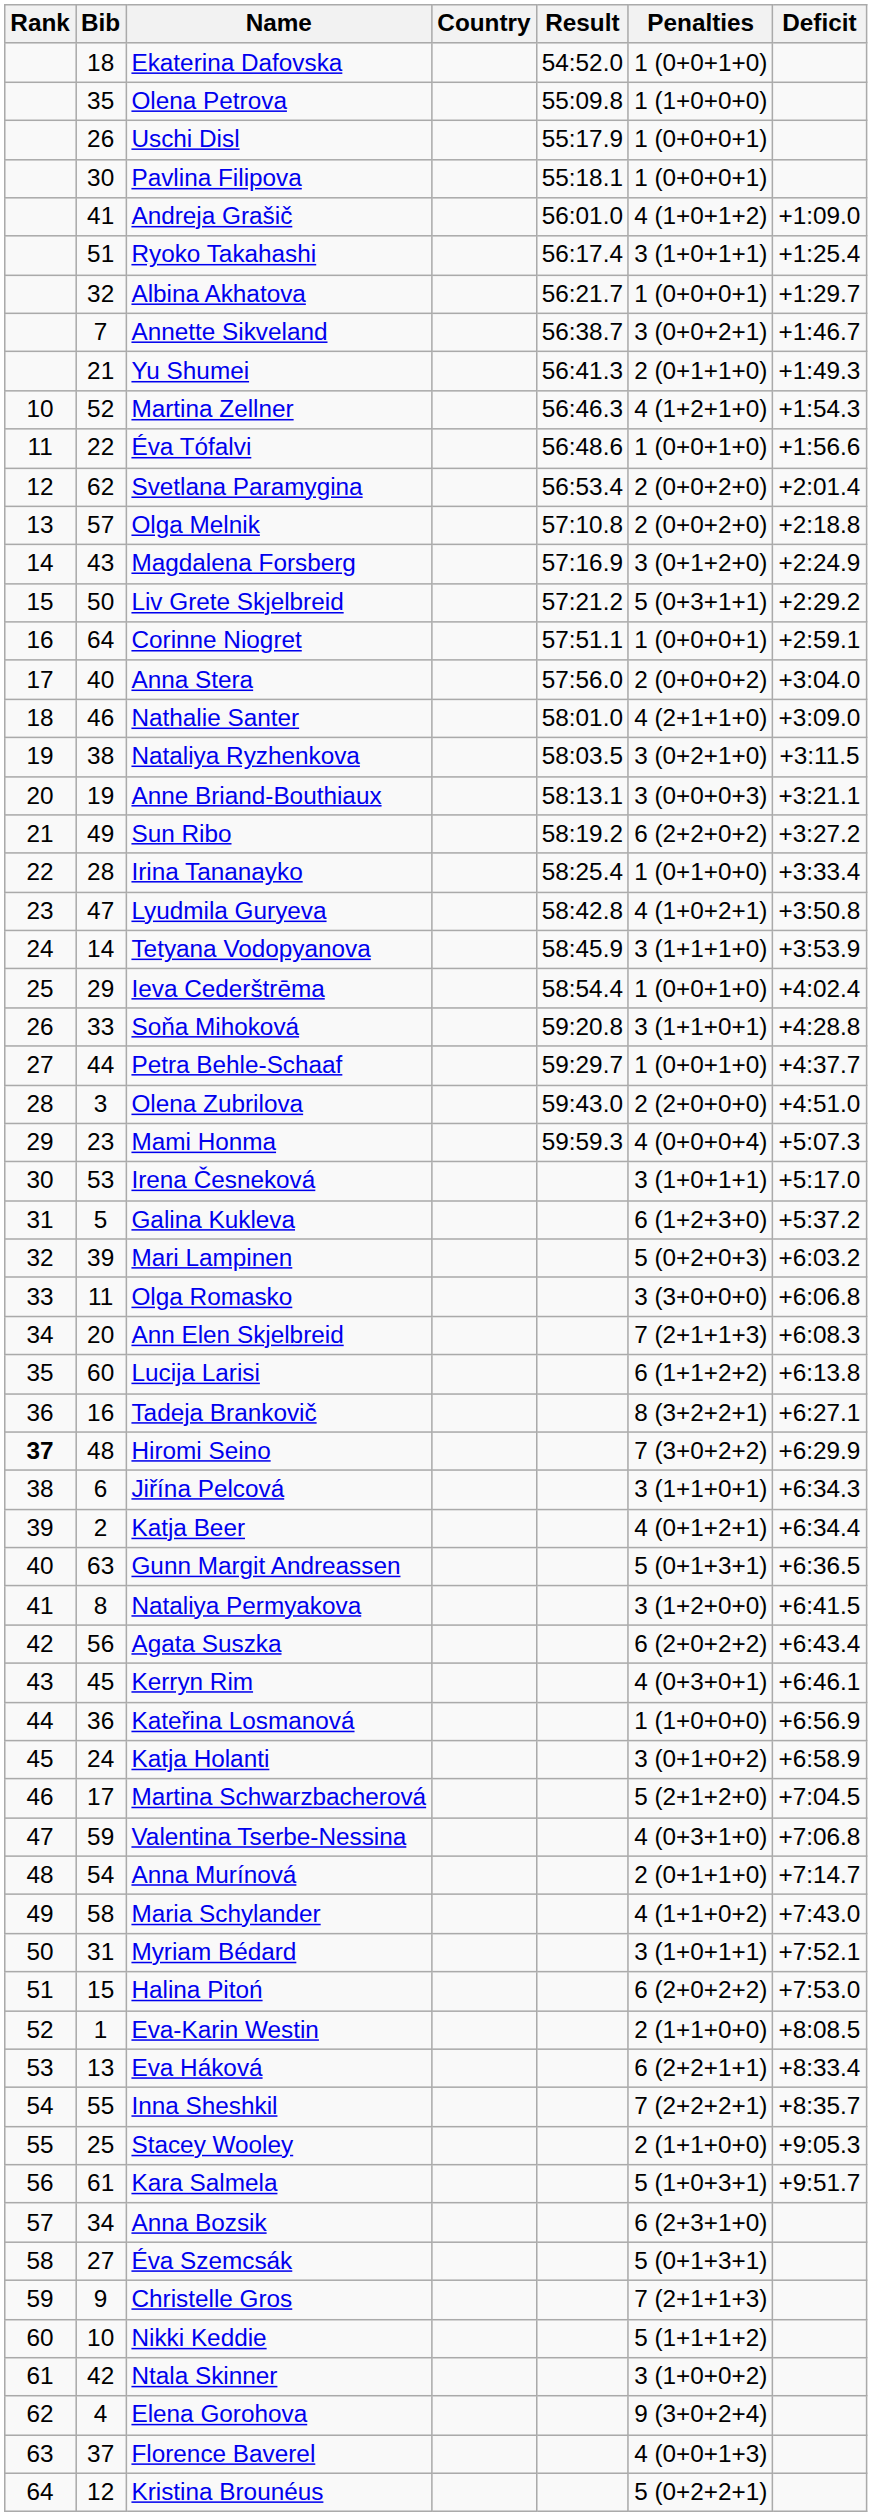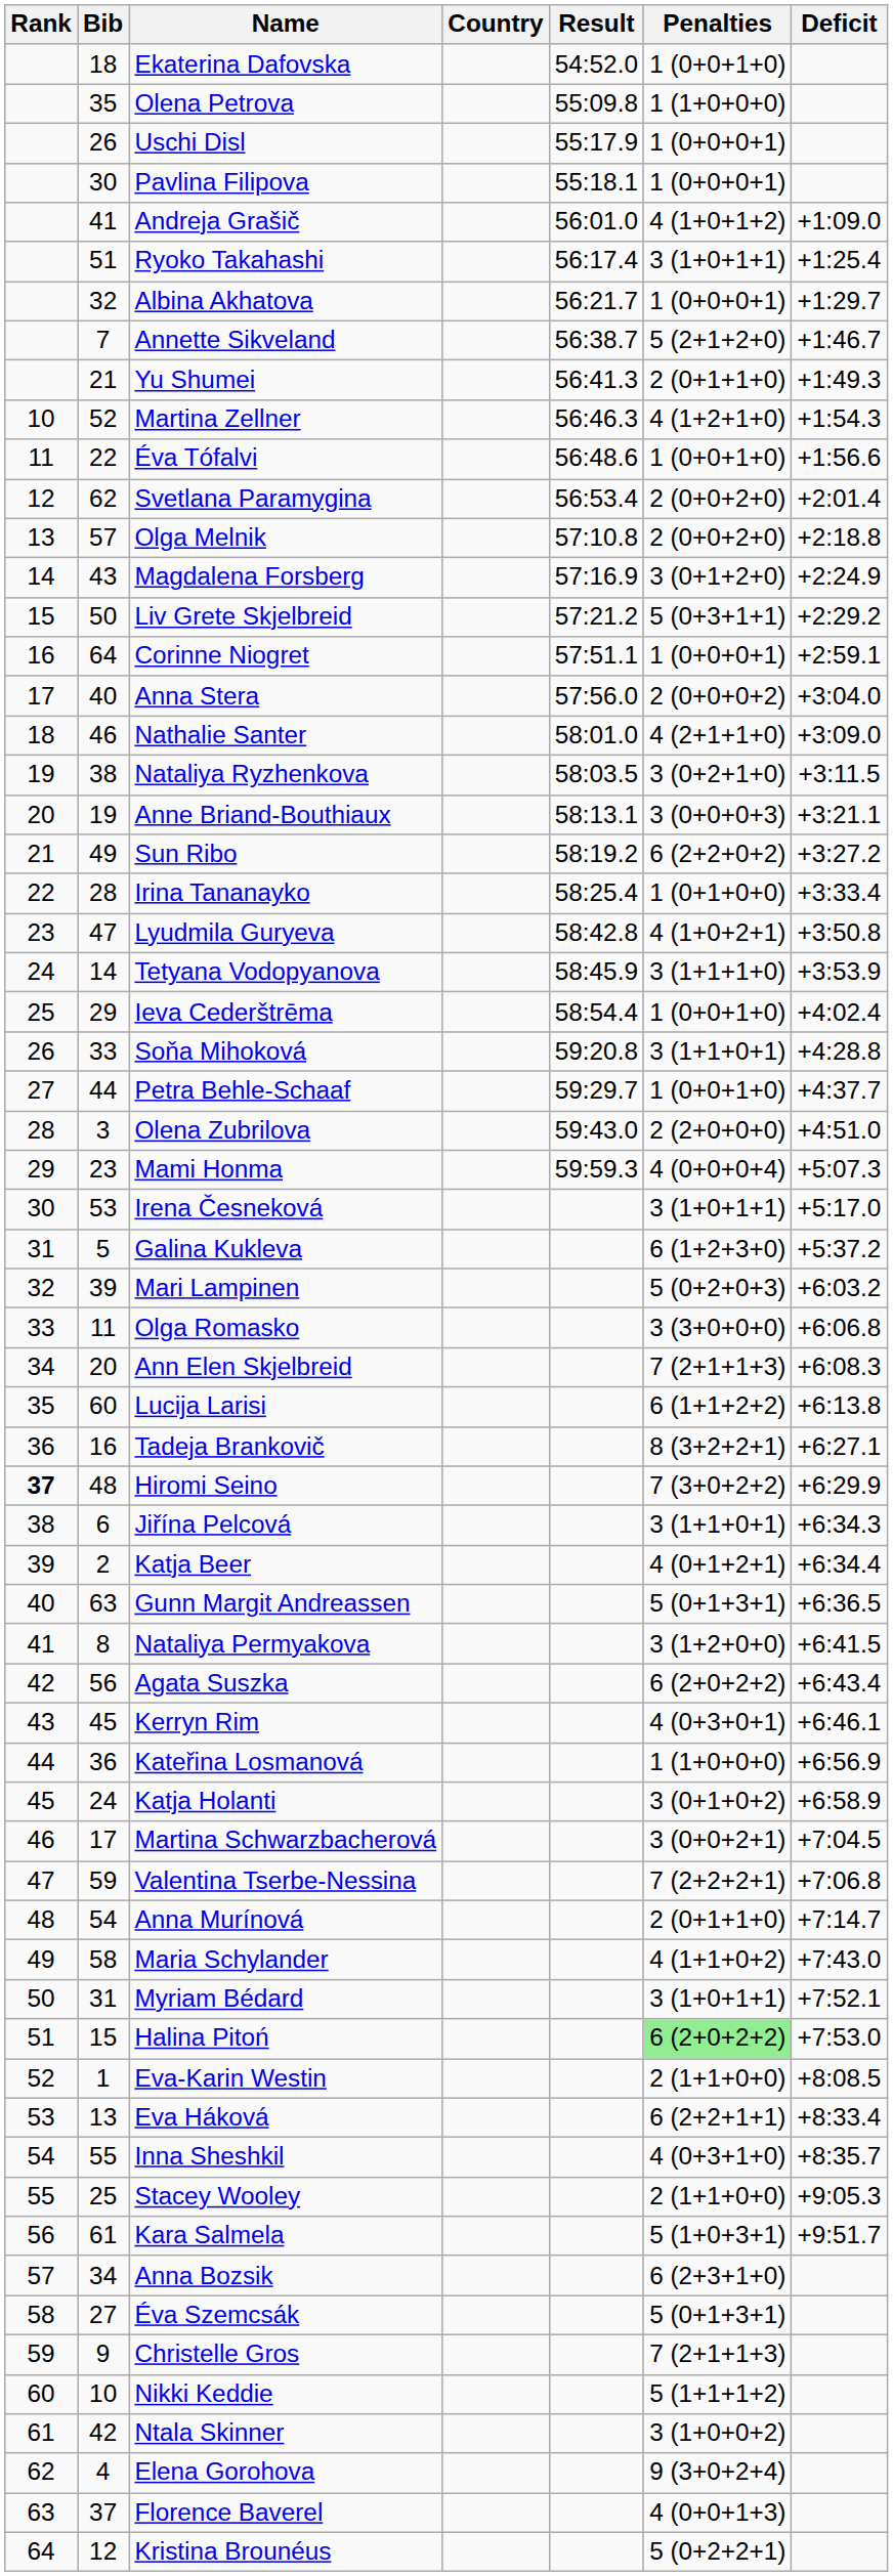 <table class="wikitable sortable" style="text-align:center">
 <tr>
 <th>Rank</th>
 <th>Bib</th>
 <th>Name</th>
 <th>Country</th>
 <th>Result</th>
 <th data-sort-type=number>Penalties</th>
 <th>Deficit</th>
 </tr>
 <tr>
 <td></td>
 <td>18</td>
 <td align=left><a href='#'>Ekaterina Dafovska</a></td>
 <td align=left></td>
 <td>54:52.0</td>
 <td>1 (0+0+1+0)</td>
 <td></td>
 </tr>
 <tr>
 <td></td>
 <td>35</td>
 <td align=left><a href='#'>Olena Petrova</a></td>
 <td align=left></td>
 <td>55:09.8</td>
 <td>1 (1+0+0+0)</td>
 <td></td>
 </tr>
 <tr>
 <td></td>
 <td>26</td>
 <td align=left><a href='#'>Uschi Disl</a></td>
 <td align=left></td>
 <td>55:17.9</td>
 <td>1 (0+0+0+1)</td>
 <td></td>
 </tr>
 <tr>
 <td></td>
 <td>30</td>
 <td align=left><a href='#'>Pavlina Filipova</a></td>
 <td align=left></td>
 <td>55:18.1</td>
 <td>1 (0+0+0+1)</td>
 <td></td>
 </tr>
 <tr>
 <td></td>
 <td>41</td>
 <td align=left><a href='#'>Andreja Grašič</a></td>
 <td align=left></td>
 <td>56:01.0</td>
 <td>4 (1+0+1+2)</td>
 <td>+1:09.0</td>
 </tr>
 <tr>
 <td></td>
 <td>51</td>
 <td align=left><a href='#'>Ryoko Takahashi</a></td>
 <td align=left></td>
 <td>56:17.4</td>
 <td>3 (1+0+1+1)</td>
 <td>+1:25.4</td>
 </tr>
 <tr>
 <td></td>
 <td>32</td>
 <td align=left><a href='#'>Albina Akhatova</a></td>
 <td align=left></td>
 <td>56:21.7</td>
 <td>1 (0+0+0+1)</td>
 <td>+1:29.7</td>
 </tr>
 <tr>
 <td></td>
 <td>7</td>
 <td align=left><a href='#'>Annette Sikveland</a></td>
 <td align=left></td>
 <td>56:38.7</td>
-<td>3 (0+0+2+1)</td>
+<td>5 (2+1+2+0)</td>
 <td>+1:46.7</td>
 </tr>
 <tr>
 <td></td>
 <td>21</td>
 <td align=left><a href='#'>Yu Shumei</a></td>
 <td align=left></td>
 <td>56:41.3</td>
 <td>2 (0+1+1+0)</td>
 <td>+1:49.3</td>
 </tr>
 <tr>
 <td>10</td>
 <td>52</td>
 <td align=left><a href='#'>Martina Zellner</a></td>
 <td align=left></td>
 <td>56:46.3</td>
 <td>4 (1+2+1+0)</td>
 <td>+1:54.3</td>
 </tr>
 <tr>
 <td>11</td>
 <td>22</td>
 <td align=left><a href='#'>Éva Tófalvi</a></td>
 <td align=left></td>
 <td>56:48.6</td>
 <td>1 (0+0+1+0)</td>
 <td>+1:56.6</td>
 </tr>
 <tr>
 <td>12</td>
 <td>62</td>
 <td align=left><a href='#'>Svetlana Paramygina</a></td>
 <td align=left></td>
 <td>56:53.4</td>
 <td>2 (0+0+2+0)</td>
 <td>+2:01.4</td>
 </tr>
 <tr>
 <td>13</td>
 <td>57</td>
 <td align=left><a href='#'>Olga Melnik</a></td>
 <td align=left></td>
 <td>57:10.8</td>
 <td>2 (0+0+2+0)</td>
 <td>+2:18.8</td>
 </tr>
 <tr>
 <td>14</td>
 <td>43</td>
 <td align=left><a href='#'>Magdalena Forsberg</a></td>
 <td align=left></td>
 <td>57:16.9</td>
 <td>3 (0+1+2+0)</td>
 <td>+2:24.9</td>
 </tr>
 <tr>
 <td>15</td>
 <td>50</td>
 <td align=left><a href='#'>Liv Grete Skjelbreid</a></td>
 <td align=left></td>
 <td>57:21.2</td>
 <td>5 (0+3+1+1)</td>
 <td>+2:29.2</td>
 </tr>
 <tr>
 <td>16</td>
 <td>64</td>
 <td align=left><a href='#'>Corinne Niogret</a></td>
 <td align=left></td>
 <td>57:51.1</td>
 <td>1 (0+0+0+1)</td>
 <td>+2:59.1</td>
 </tr>
 <tr>
 <td>17</td>
 <td>40</td>
 <td align=left><a href='#'>Anna Stera</a></td>
 <td align=left></td>
 <td>57:56.0</td>
 <td>2 (0+0+0+2)</td>
 <td>+3:04.0</td>
 </tr>
 <tr>
 <td>18</td>
 <td>46</td>
 <td align=left><a href='#'>Nathalie Santer</a></td>
 <td align=left></td>
 <td>58:01.0</td>
 <td>4 (2+1+1+0)</td>
 <td>+3:09.0</td>
 </tr>
 <tr>
 <td>19</td>
 <td>38</td>
 <td align=left><a href='#'>Nataliya Ryzhenkova</a></td>
 <td align=left></td>
 <td>58:03.5</td>
 <td>3 (0+2+1+0)</td>
 <td>+3:11.5</td>
 </tr>
 <tr>
 <td>20</td>
 <td>19</td>
 <td align=left><a href='#'>Anne Briand-Bouthiaux</a></td>
 <td align=left></td>
 <td>58:13.1</td>
 <td>3 (0+0+0+3)</td>
 <td>+3:21.1</td>
 </tr>
 <tr>
 <td>21</td>
 <td>49</td>
 <td align=left><a href='#'>Sun Ribo</a></td>
 <td align=left></td>
 <td>58:19.2</td>
 <td>6 (2+2+0+2)</td>
 <td>+3:27.2</td>
 </tr>
 <tr>
 <td>22</td>
 <td>28</td>
 <td align=left><a href='#'>Irina Tananayko</a></td>
 <td align=left></td>
 <td>58:25.4</td>
 <td>1 (0+1+0+0)</td>
 <td>+3:33.4</td>
 </tr>
 <tr>
 <td>23</td>
 <td>47</td>
 <td align=left><a href='#'>Lyudmila Guryeva</a></td>
 <td align=left></td>
 <td>58:42.8</td>
 <td>4 (1+0+2+1)</td>
 <td>+3:50.8</td>
 </tr>
 <tr>
 <td>24</td>
 <td>14</td>
 <td align=left><a href='#'>Tetyana Vodopyanova</a></td>
 <td align=left></td>
 <td>58:45.9</td>
 <td>3 (1+1+1+0)</td>
 <td>+3:53.9</td>
 </tr>
 <tr>
 <td>25</td>
 <td>29</td>
 <td align=left><a href='#'>Ieva Cederštrēma</a></td>
 <td align=left></td>
 <td>58:54.4</td>
 <td>1 (0+0+1+0)</td>
 <td>+4:02.4</td>
 </tr>
 <tr>
 <td>26</td>
 <td>33</td>
 <td align=left><a href='#'>Soňa Mihoková</a></td>
 <td align=left></td>
 <td>59:20.8</td>
 <td>3 (1+1+0+1)</td>
 <td>+4:28.8</td>
 </tr>
 <tr>
 <td>27</td>
 <td>44</td>
 <td align=left><a href='#'>Petra Behle-Schaaf</a></td>
 <td align=left></td>
 <td>59:29.7</td>
 <td>1 (0+0+1+0)</td>
 <td>+4:37.7</td>
 </tr>
 <tr>
 <td>28</td>
 <td>3</td>
 <td align=left><a href='#'>Olena Zubrilova</a></td>
 <td align=left></td>
 <td>59:43.0</td>
 <td>2 (2+0+0+0)</td>
 <td>+4:51.0</td>
 </tr>
 <tr>
 <td>29</td>
 <td>23</td>
 <td align=left><a href='#'>Mami Honma</a></td>
 <td align=left></td>
 <td>59:59.3</td>
 <td>4 (0+0+0+4)</td>
 <td>+5:07.3</td>
 </tr>
 <tr>
 <td>30</td>
 <td>53</td>
 <td align=left><a href='#'>Irena Česneková</a></td>
 <td align=left></td>
 <td></td>
 <td>3 (1+0+1+1)</td>
 <td>+5:17.0</td>
 </tr>
 <tr>
 <td>31</td>
 <td>5</td>
 <td align=left><a href='#'>Galina Kukleva</a></td>
 <td align=left></td>
 <td></td>
 <td>6 (1+2+3+0)</td>
 <td>+5:37.2</td>
 </tr>
 <tr>
 <td>32</td>
 <td>39</td>
 <td align=left><a href='#'>Mari Lampinen</a></td>
 <td align=left></td>
 <td></td>
 <td>5 (0+2+0+3)</td>
 <td>+6:03.2</td>
 </tr>
 <tr>
 <td>33</td>
 <td>11</td>
 <td align=left><a href='#'>Olga Romasko</a></td>
 <td align=left></td>
 <td></td>
 <td>3 (3+0+0+0)</td>
 <td>+6:06.8</td>
 </tr>
 <tr>
 <td>34</td>
 <td>20</td>
 <td align=left><a href='#'>Ann Elen Skjelbreid</a></td>
 <td align=left></td>
 <td></td>
 <td>7 (2+1+1+3)</td>
 <td>+6:08.3</td>
 </tr>
 <tr>
 <td>35</td>
 <td>60</td>
 <td align=left><a href='#'>Lucija Larisi</a></td>
 <td align=left></td>
 <td></td>
 <td>6 (1+1+2+2)</td>
 <td>+6:13.8</td>
 </tr>
 <tr>
 <td>36</td>
 <td>16</td>
 <td align=left><a href='#'>Tadeja Brankovič</a></td>
 <td align=left></td>
 <td></td>
 <td>8 (3+2+2+1)</td>
 <td>+6:27.1</td>
 </tr>
 <tr>
 <td><strong>37</strong></td>
 <td>48</td>
 <td align=left><a href='#'>Hiromi Seino</a></td>
 <td align=left></td>
 <td></td>
 <td>7 (3+0+2+2)</td>
 <td>+6:29.9</td>
 </tr>
 <tr>
 <td>38</td>
 <td>6</td>
 <td align=left><a href='#'>Jiřína Pelcová</a></td>
 <td align=left></td>
 <td></td>
 <td>3 (1+1+0+1)</td>
 <td>+6:34.3</td>
 </tr>
 <tr>
 <td>39</td>
 <td>2</td>
 <td align=left><a href='#'>Katja Beer</a></td>
 <td align=left></td>
 <td></td>
 <td>4 (0+1+2+1)</td>
 <td>+6:34.4</td>
 </tr>
 <tr>
 <td>40</td>
 <td>63</td>
 <td align=left><a href='#'>Gunn Margit Andreassen</a></td>
 <td align=left></td>
 <td></td>
 <td>5 (0+1+3+1)</td>
 <td>+6:36.5</td>
 </tr>
 <tr>
 <td>41</td>
 <td>8</td>
 <td align=left><a href='#'>Nataliya Permyakova</a></td>
 <td align=left></td>
 <td></td>
 <td>3 (1+2+0+0)</td>
 <td>+6:41.5</td>
 </tr>
 <tr>
 <td>42</td>
 <td>56</td>
 <td align=left><a href='#'>Agata Suszka</a></td>
 <td align=left></td>
 <td></td>
 <td>6 (2+0+2+2)</td>
 <td>+6:43.4</td>
 </tr>
 <tr>
 <td>43</td>
 <td>45</td>
 <td align=left><a href='#'>Kerryn Rim</a></td>
 <td align="left"></td>
 <td></td>
 <td>4 (0+3+0+1)</td>
 <td>+6:46.1</td>
 </tr>
 <tr>
 <td>44</td>
 <td>36</td>
 <td align=left><a href='#'>Kateřina Losmanová</a></td>
 <td align=left></td>
 <td></td>
 <td>1 (1+0+0+0)</td>
 <td>+6:56.9</td>
 </tr>
 <tr>
 <td>45</td>
 <td>24</td>
 <td align=left><a href='#'>Katja Holanti</a></td>
 <td align=left></td>
 <td></td>
 <td>3 (0+1+0+2)</td>
 <td>+6:58.9</td>
 </tr>
 <tr>
 <td>46</td>
 <td>17</td>
 <td align=left><a href='#'>Martina Schwarzbacherová</a></td>
 <td align=left></td>
 <td></td>
-<td>5 (2+1+2+0)</td>
+<td>3 (0+0+2+1)</td>
 <td>+7:04.5</td>
 </tr>
 <tr>
 <td>47</td>
 <td>59</td>
 <td align=left><a href='#'>Valentina Tserbe-Nessina</a></td>
 <td align=left></td>
 <td></td>
-<td>4 (0+3+1+0)</td>
+<td>7 (2+2+2+1)</td>
 <td>+7:06.8</td>
 </tr>
 <tr>
 <td>48</td>
 <td>54</td>
 <td align=left><a href='#'>Anna Murínová</a></td>
 <td align=left></td>
 <td></td>
 <td>2 (0+1+1+0)</td>
 <td>+7:14.7</td>
 </tr>
 <tr>
 <td>49</td>
 <td>58</td>
 <td align=left><a href='#'>Maria Schylander</a></td>
 <td align=left></td>
 <td></td>
 <td>4 (1+1+0+2)</td>
 <td>+7:43.0</td>
 </tr>
 <tr>
 <td>50</td>
 <td>31</td>
 <td align=left><a href='#'>Myriam Bédard</a></td>
 <td align=left></td>
 <td></td>
 <td>3 (1+0+1+1)</td>
 <td>+7:52.1</td>
 </tr>
 <tr>
 <td>51</td>
 <td>15</td>
 <td align=left><a href='#'>Halina Pitoń</a></td>
 <td align=left></td>
 <td></td>
-<td>6 (2+0+2+2)</td>
+<td style="background: lightgreen;">6 (2+0+2+2)</td>
 <td>+7:53.0</td>
 </tr>
 <tr>
 <td>52</td>
 <td>1</td>
 <td align=left><a href='#'>Eva-Karin Westin</a></td>
 <td align=left></td>
 <td></td>
 <td>2 (1+1+0+0)</td>
 <td>+8:08.5</td>
 </tr>
 <tr>
 <td>53</td>
 <td>13</td>
 <td align=left><a href='#'>Eva Háková</a></td>
 <td align=left></td>
 <td></td>
 <td>6 (2+2+1+1)</td>
 <td>+8:33.4</td>
 </tr>
 <tr>
 <td>54</td>
 <td>55</td>
 <td align=left><a href='#'>Inna Sheshkil</a></td>
 <td align=left></td>
 <td></td>
-<td>7 (2+2+2+1)</td>
+<td>4 (0+3+1+0)</td>
 <td>+8:35.7</td>
 </tr>
 <tr>
 <td>55</td>
 <td>25</td>
 <td align=left><a href='#'>Stacey Wooley</a></td>
 <td align=left></td>
 <td></td>
 <td>2 (1+1+0+0)</td>
 <td>+9:05.3</td>
 </tr>
 <tr>
 <td>56</td>
 <td>61</td>
 <td align=left><a href='#'>Kara Salmela</a></td>
 <td align=left></td>
 <td></td>
 <td>5 (1+0+3+1)</td>
 <td>+9:51.7</td>
 </tr>
 <tr>
 <td>57</td>
 <td>34</td>
 <td align=left><a href='#'>Anna Bozsik</a></td>
 <td align=left></td>
 <td></td>
 <td>6 (2+3+1+0)</td>
 <td></td>
 </tr>
 <tr>
 <td>58</td>
 <td>27</td>
 <td align=left><a href='#'>Éva Szemcsák</a></td>
 <td align=left></td>
 <td></td>
 <td>5 (0+1+3+1)</td>
 <td></td>
 </tr>
 <tr>
 <td>59</td>
 <td>9</td>
 <td align=left><a href='#'>Christelle Gros</a></td>
 <td align=left></td>
 <td></td>
 <td>7 (2+1+1+3)</td>
 <td></td>
 </tr>
 <tr>
 <td>60</td>
 <td>10</td>
 <td align=left><a href='#'>Nikki Keddie</a></td>
 <td align=left></td>
 <td></td>
 <td>5 (1+1+1+2)</td>
 <td></td>
 </tr>
 <tr>
 <td>61</td>
 <td>42</td>
 <td align=left><a href='#'>Ntala Skinner</a></td>
 <td align=left></td>
 <td></td>
 <td>3 (1+0+0+2)</td>
 <td></td>
 </tr>
 <tr>
 <td>62</td>
 <td>4</td>
 <td align=left><a href='#'>Elena Gorohova</a></td>
 <td align=left></td>
 <td></td>
 <td>9 (3+0+2+4)</td>
 <td></td>
 </tr>
 <tr>
 <td>63</td>
 <td>37</td>
 <td align=left><a href='#'>Florence Baverel</a></td>
 <td align=left></td>
 <td></td>
 <td>4 (0+0+1+3)</td>
 <td></td>
 </tr>
 <tr>
 <td>64</td>
 <td>12</td>
 <td align=left><a href='#'>Kristina Brounéus</a></td>
 <td align=left></td>
 <td></td>
 <td>5 (0+2+2+1)</td>
 <td></td>
 </tr>
 </table>
